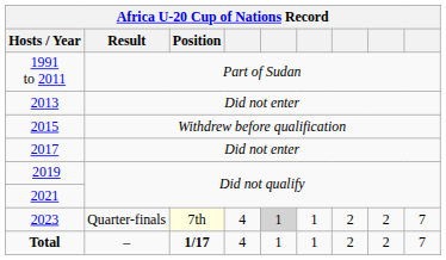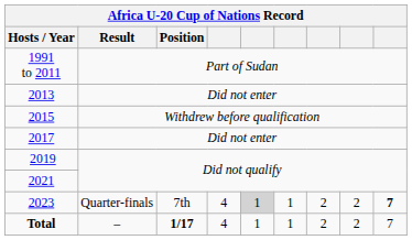 <table class="wikitable" style="text-align: center;font-size:90%;">
 <tr>
 <th colspan=9><a href='#'>Africa U-20 Cup of Nations</a> Record</th>
 </tr>
 <tr>
 <th>Hosts / Year</th>
 <th>Result</th>
 <th>Position</th>
 <th width=30></th>
 <th width=30></th>
 <th width=30></th>
 <th width=30></th>
 <th width=30></th>
 <th width=30></th>
 </tr>
 <tr>
 <td> <a href='#'>1991</a><br> to  <a href='#'>2011</a></td>
 <td colspan=20><em>Part of Sudan</em></td>
 </tr>
 <tr>
 <td> <a href='#'>2013</a></td>
 <td colspan=8><em>Did not enter</em></td>
 </tr>
 <tr>
 <td> <a href='#'>2015</a></td>
 <td colspan=8><em>Withdrew before qualification</em></td>
 </tr>
 <tr>
 <td> <a href='#'>2017</a></td>
 <td colspan=8><em>Did not enter</em></td>
 </tr>
 <tr>
 <td> <a href='#'>2019</a></td>
 <td colspan=8 rowspan=2><em>Did not qualify</em></td>
 </tr>
 <tr>
 <td> <a href='#'>2021</a></td>
 </tr>
 <tr>
 <td> <a href='#'>2023</a></td>
 <td>Quarter-finals</td>
-<td style="background: lightyellow;">7th</td>
+<td>7th</td>
 <td>4</td>
 <td style="background: lightgrey;">1</td>
 <td>1</td>
 <td>2</td>
 <td>2</td>
-<td>7</td>
+<td><strong>7</strong></td>
 </tr>
 <tr>
 <td><strong>Total</strong></td>
 <td>–</td>
 <td><strong>1/17</strong></td>
 <td>4</td>
 <td>1</td>
 <td>1</td>
 <td>2</td>
 <td>2</td>
 <td>7</td>
 </tr>
 </table>
